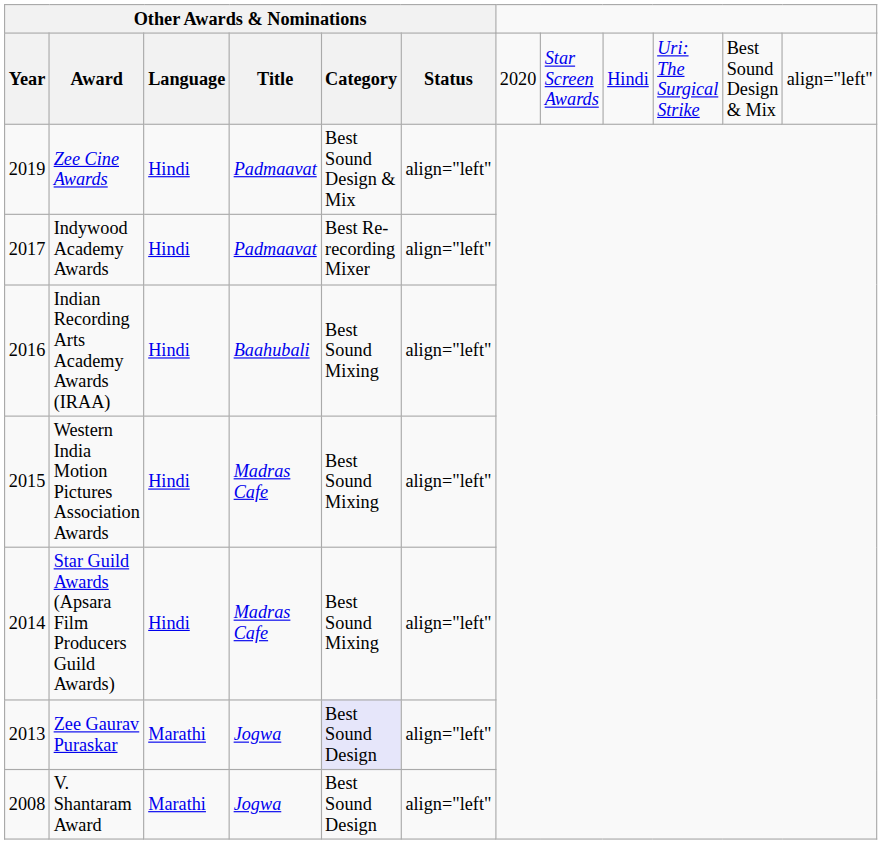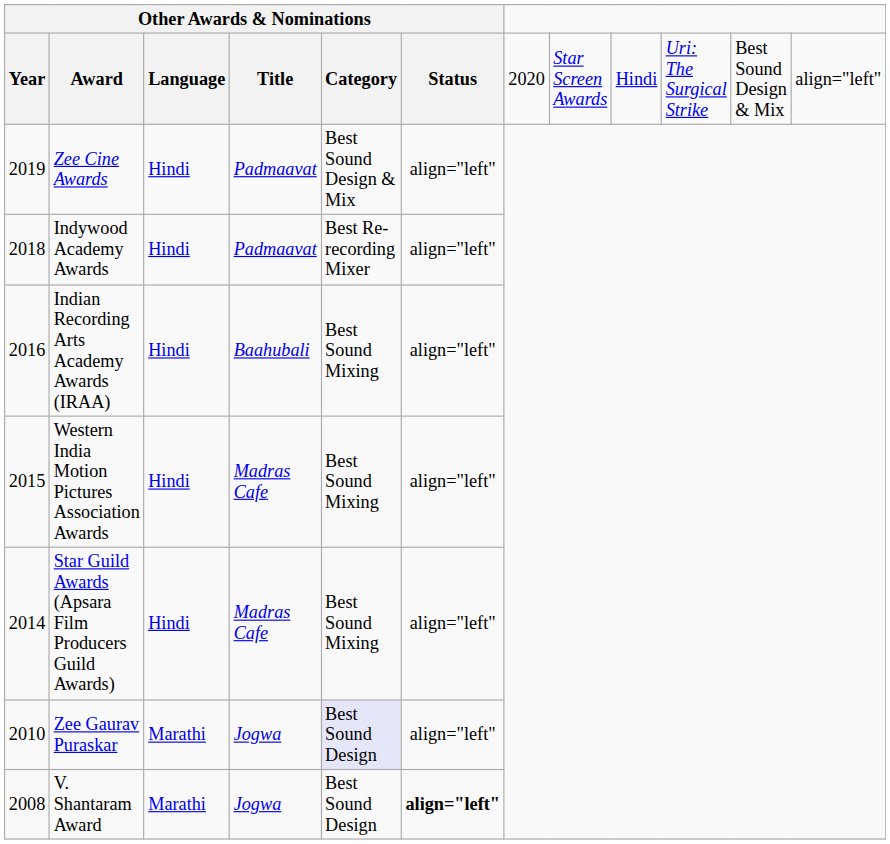 <table class="wikitable sortable">
 <tr>
 <th colspan="6"><strong>Other Awards & Nominations</strong></th>
 </tr>
 <tr>
 <th rowspan="2">Year</th>
 <th rowspan="2">Award</th>
 <th rowspan="2">Language</th>
 <th rowspan="2">Title</th>
 <th rowspan="2">Category</th>
 <th rowspan="2">Status</th>
 </tr>
 <tr align="center">
 <td align="center" rowspan="1">2020</td>
 <td align="left" rowspan="1"><em><a href='#'>Star Screen Awards</a></em></td>
 <td align="left"><a href='#'>Hindi</a></td>
 <td align="left"><em><a href='#'>Uri: The Surgical Strike</a></em></td>
 <td align="left">Best Sound Design & Mix</td>
 <td>align="left" </td>
 </tr>
 <tr align="center">
 <td align="center" rowspan="1">2019</td>
 <td align="left" rowspan="1"><em><a href='#'>Zee Cine Awards</a></em></td>
 <td align="left"><a href='#'>Hindi</a></td>
 <td align="left"><em><a href='#'>Padmaavat</a></em></td>
 <td align="left">Best Sound Design & Mix</td>
 <td>align="left" </td>
 </tr>
 <tr align="center">
-<td align="center" rowspan="1">2017</td>
+<td align="center" rowspan="1">2018</td>
 <td align="left"  rowspan="1">Indywood Academy Awards</td>
 <td align="left"><a href='#'>Hindi</a></td>
 <td align="left"><em><a href='#'>Padmaavat</a></em></td>
 <td align="left">Best Re-recording Mixer</td>
 <td>align="left" </td>
 </tr>
 <tr align="center">
 <td align="center" rowspan="1">2016</td>
 <td align="left"  rowspan="1">Indian Recording Arts Academy Awards (IRAA)</td>
 <td align="left"><a href='#'>Hindi</a></td>
 <td align="left"><em><a href='#'>Baahubali</a></em></td>
 <td align="left">Best Sound Mixing</td>
 <td>align="left" </td>
 </tr>
 <tr align="center">
 <td align="center" rowspan="1">2015</td>
 <td align="left" rowspan="1">Western India Motion Pictures Association Awards</td>
 <td align="left"><a href='#'>Hindi</a></td>
 <td align="left"><em><a href='#'>Madras Cafe</a></em></td>
 <td align="left">Best Sound Mixing</td>
 <td>align="left" </td>
 </tr>
 <tr align="center">
 <td align="center" rowspan="1">2014</td>
 <td align="left" rowspan="1"><a href='#'>Star Guild Awards</a> (Apsara Film Producers Guild Awards)</td>
 <td align="left"><a href='#'>Hindi</a></td>
 <td align="left"><em><a href='#'>Madras Cafe</a></em></td>
 <td align="left">Best Sound Mixing</td>
 <td>align="left" </td>
 </tr>
 <tr align="center">
-<td align="center" rowspan="1">2013</td>
+<td align="center" rowspan="1">2010</td>
 <td align="left"  rowspan="1"><a href='#'>Zee Gaurav Puraskar</a></td>
 <td align="left"><a href='#'>Marathi</a></td>
 <td align="left"><em><a href='#'>Jogwa</a></em></td>
 <td align="left" style="background: lavender;">Best Sound Design</td>
 <td>align="left" </td>
 </tr>
 <tr align="center">
 <td align="center" rowspan="1">2008</td>
 <td align="left" rowspan="1">V. Shantaram Award</td>
 <td align="left"><a href='#'>Marathi</a></td>
 <td align="left"><em><a href='#'>Jogwa</a></em></td>
 <td align="left">Best Sound Design</td>
-<td>align="left" </td>
+<td><strong>align="left" </strong></td>
 </tr>
 </table>
